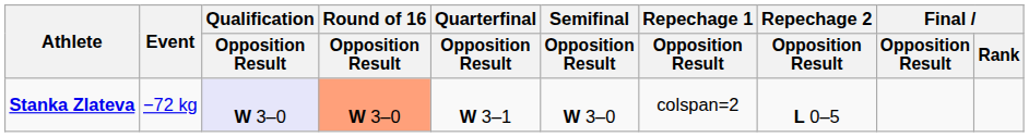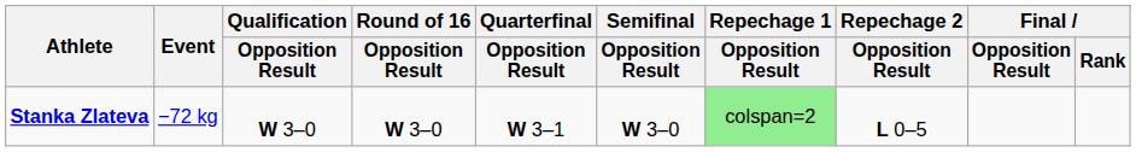 <table class="wikitable" style="font-size:90%">
 <tr>
 <th rowspan="2">Athlete</th>
 <th rowspan="2">Event</th>
 <th>Qualification</th>
 <th>Round of 16</th>
 <th>Quarterfinal</th>
 <th>Semifinal</th>
 <th>Repechage 1</th>
 <th>Repechage 2</th>
 <th colspan=2>Final / </th>
 </tr>
 <tr style="font-size: 95%">
 <th>Opposition<br>Result</th>
 <th>Opposition<br>Result</th>
 <th>Opposition<br>Result</th>
 <th>Opposition<br>Result</th>
 <th>Opposition<br>Result</th>
 <th>Opposition<br>Result</th>
 <th>Opposition<br>Result</th>
 <th>Rank</th>
 </tr>
 <tr align=center>
 <td align=left><strong><a href='#'>Stanka Zlateva</a></strong></td>
 <td align=left><a href='#'>−72 kg</a></td>
-<td style="background: lavender;"><br><strong>W</strong> 3–0 <sup></sup></td>
-<td style="background: lightsalmon;"><br><strong>W</strong> 3–0 <sup></sup></td>
+<td><br><strong>W</strong> 3–0 <sup></sup></td>
+<td><br><strong>W</strong> 3–0 <sup></sup></td>
 <td><br><strong>W</strong> 3–1 <sup></sup></td>
 <td><br><strong>W</strong> 3–0 <sup></sup></td>
-<td>colspan=2 </td>
+<td style="background: lightgreen;">colspan=2 </td>
 <td><br><strong>L</strong> 0–5 <sup></sup></td>
 <td></td>
 </tr>
 </table>
